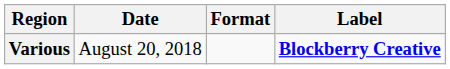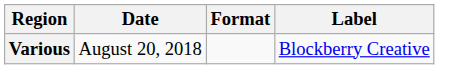 <table class="wikitable plainrowheaders">
 <tr>
 <th>Region</th>
 <th>Date</th>
 <th>Format</th>
 <th>Label</th>
 </tr>
 <tr>
 <th scope="row">Various</th>
 <td rowspan=2>August 20, 2018</td>
 <td rowspan=2></td>
-<td rowspan="1"><strong><a href='#'>Blockberry Creative</a></strong></td>
+<td rowspan="1"><a href='#'>Blockberry Creative</a></td>
 </tr>
 </table>
